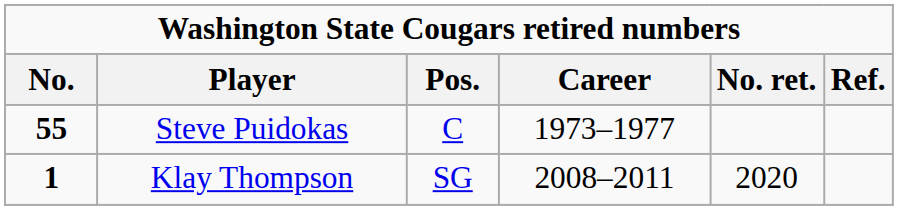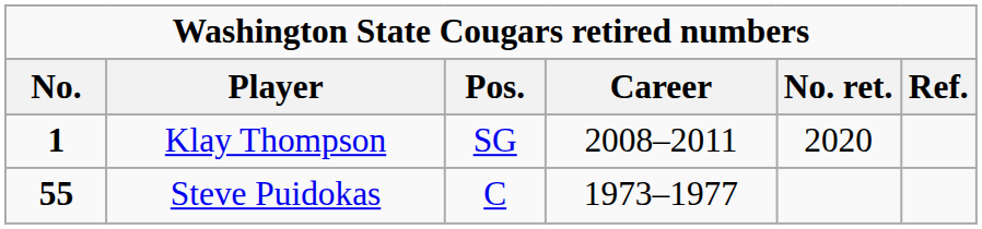 <table class="wikitable sortable" style="text-align:center">
 <tr>
 <td colspan=6><strong>Washington State Cougars retired numbers</strong></td>
 </tr>
 <tr>
 <th width=40px>No.</th>
 <th width=150px>Player</th>
 <th width=40px>Pos.</th>
 <th width=100px>Career</th>
 <th width=px>No. ret.</th>
 <th width=px>Ref.</th>
 </tr>
 <tr>
+<td><strong>1</strong></td>
+<td><a href='#'>Klay Thompson</a></td>
+<td><a href='#'>SG</a></td>
+<td>2008–2011</td>
+<td>2020</td>
+<td></td>
+</tr>
+<tr>
 <td><strong>55</strong></td>
 <td><a href='#'>Steve Puidokas</a></td>
 <td><a href='#'>C</a></td>
 <td>1973–1977</td>
 <td></td>
 <td></td>
 </tr>
-<tr>
-<td><strong>1</strong></td>
-<td><a href='#'>Klay Thompson</a></td>
-<td><a href='#'>SG</a></td>
-<td>2008–2011</td>
-<td>2020</td>
-<td></td>
-</tr>
 </table>
